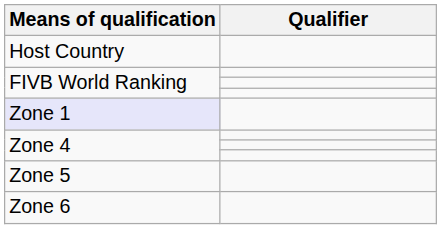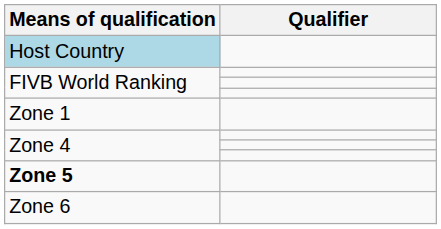 <table class="wikitable">
 <tr>
 <th width=50%>Means of qualification</th>
 <th width=50%>Qualifier</th>
 </tr>
 <tr>
-<td>Host Country</td>
+<td style="background: lightblue;">Host Country</td>
 <td></td>
 </tr>
 <tr>
 <td rowspan="3">FIVB World Ranking</td>
 <td></td>
 </tr>
 <tr>
 <td></td>
 </tr>
 <tr>
 <td></td>
 </tr>
 <tr>
-<td style="background: lavender;">Zone 1</td>
+<td>Zone 1</td>
 <td></td>
 </tr>
 <tr>
 <td rowspan="3">Zone 4</td>
 <td></td>
 </tr>
 <tr>
 <td></td>
 </tr>
 <tr>
 <td></td>
 </tr>
 <tr>
-<td>Zone 5</td>
+<td><strong>Zone 5</strong></td>
 <td></td>
 </tr>
 <tr>
 <td>Zone 6</td>
 <td></td>
 </tr>
 </table>
